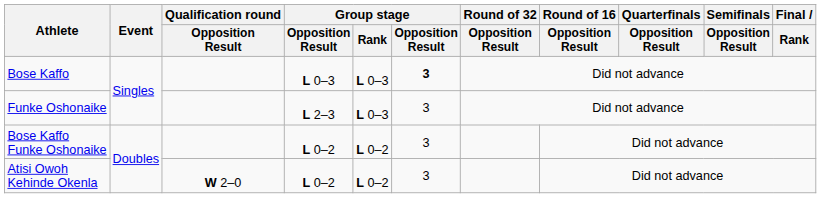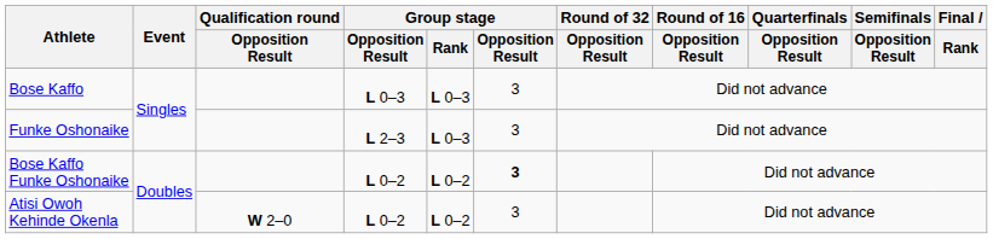 <table class=wikitable style=font-size:90%;text-align:center>
 <tr>
 <th rowspan=2>Athlete</th>
 <th rowspan=2>Event</th>
 <th>Qualification round</th>
 <th colspan=3>Group stage</th>
 <th>Round of 32</th>
 <th>Round of 16</th>
 <th>Quarterfinals</th>
 <th>Semifinals</th>
 <th colspan=2>Final / </th>
 </tr>
 <tr style=font-size:95%>
 <th>Opposition<br>Result</th>
 <th>Opposition<br>Result</th>
 <th>Rank</th>
 <th>Opposition<br>Result</th>
 <th>Opposition<br>Result</th>
 <th>Opposition<br>Result</th>
 <th>Opposition<br>Result</th>
 <th>Opposition<br>Result</th>
 <th>Rank</th>
 </tr>
 <tr>
 <td align=left><a href='#'>Bose Kaffo</a></td>
 <td align=left rowspan=2><a href='#'>Singles</a></td>
 <td></td>
 <td><br><strong>L</strong> 0–3</td>
 <td><br><strong>L</strong> 0–3</td>
-<td><strong>3</strong></td>
+<td>3</td>
 <td colspan=6>Did not advance</td>
 </tr>
 <tr>
 <td align=left><a href='#'>Funke Oshonaike</a></td>
 <td></td>
 <td><br><strong>L</strong> 2–3</td>
 <td><br><strong>L</strong> 0–3</td>
 <td>3</td>
 <td colspan=6>Did not advance</td>
 </tr>
 <tr>
 <td align=left><a href='#'>Bose Kaffo</a><br><a href='#'>Funke Oshonaike</a></td>
 <td align=left rowspan=2><a href='#'>Doubles</a></td>
 <td></td>
 <td><br><strong>L</strong> 0–2</td>
 <td><br><strong>L</strong> 0–2</td>
-<td>3</td>
+<td><strong>3</strong></td>
 <td></td>
 <td colspan=5>Did not advance</td>
 </tr>
 <tr>
 <td align=left><a href='#'>Atisi Owoh</a><br><a href='#'>Kehinde Okenla</a></td>
 <td><br><strong>W</strong> 2–0</td>
 <td><br><strong>L</strong> 0–2</td>
 <td><br><strong>L</strong> 0–2</td>
 <td>3</td>
 <td></td>
 <td colspan=5>Did not advance</td>
 </tr>
 </table>
